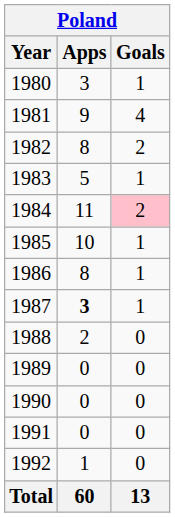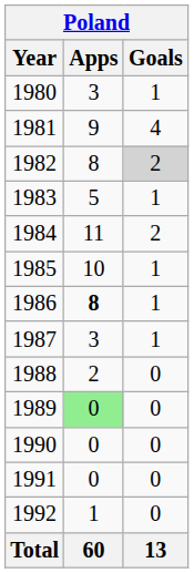 <table class="wikitable" style="text-align:center">
 <tr>
 <th colspan="3"><a href='#'>Poland</a></th>
 </tr>
 <tr>
 <th>Year</th>
 <th>Apps</th>
 <th>Goals</th>
 </tr>
 <tr>
 <td>1980</td>
 <td>3</td>
 <td>1</td>
 </tr>
 <tr>
 <td>1981</td>
 <td>9</td>
 <td>4</td>
 </tr>
 <tr>
 <td>1982</td>
 <td>8</td>
-<td>2</td>
+<td style="background: lightgrey;">2</td>
 </tr>
 <tr>
 <td>1983</td>
 <td>5</td>
 <td>1</td>
 </tr>
 <tr>
 <td>1984</td>
 <td>11</td>
-<td style="background: pink;">2</td>
+<td>2</td>
 </tr>
 <tr>
 <td>1985</td>
 <td>10</td>
 <td>1</td>
 </tr>
 <tr>
 <td>1986</td>
-<td>8</td>
+<td><strong>8</strong></td>
 <td>1</td>
 </tr>
 <tr>
 <td>1987</td>
-<td><strong>3</strong></td>
+<td>3</td>
 <td>1</td>
 </tr>
 <tr>
 <td>1988</td>
 <td>2</td>
 <td>0</td>
 </tr>
 <tr>
 <td>1989</td>
-<td>0</td>
+<td style="background: lightgreen;">0</td>
 <td>0</td>
 </tr>
 <tr>
 <td>1990</td>
 <td>0</td>
 <td>0</td>
 </tr>
 <tr>
 <td>1991</td>
 <td>0</td>
 <td>0</td>
 </tr>
 <tr>
 <td>1992</td>
 <td>1</td>
 <td>0</td>
 </tr>
 <tr>
 <th>Total</th>
 <th>60</th>
 <th>13</th>
 </tr>
 </table>
